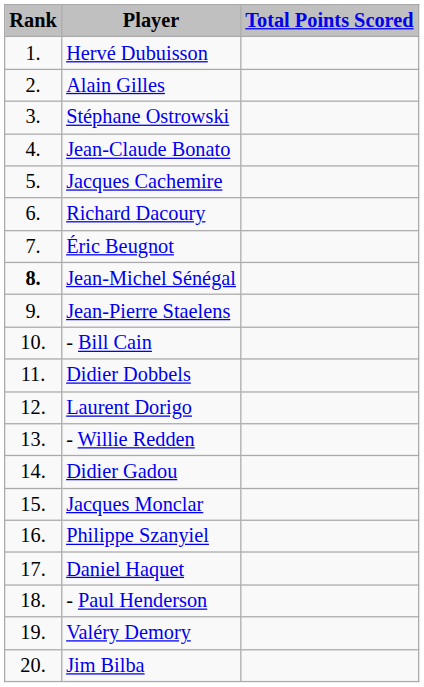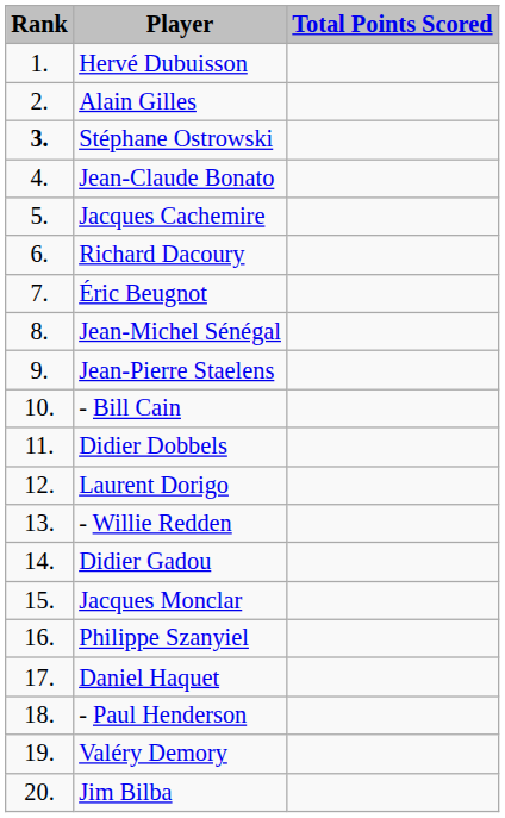 <table class="wikitable" style="text-align: left;">
 <tr>
 </tr>
 <tr>
 <th style="text-align:center;background-color:silver;">Rank</th>
 <th style="text-align:center;background-color:silver;">Player</th>
 <th style="text-align:center;background-color:silver;"><a href='#'>Total Points Scored</a></th>
 </tr>
 <tr>
 <td align = "center">1.</td>
 <td> <a href='#'>Hervé Dubuisson</a></td>
 <td></td>
 </tr>
 <tr>
 <td align = "center">2.</td>
 <td> <a href='#'>Alain Gilles</a></td>
 <td></td>
 </tr>
 <tr>
-<td align = "center">3.</td>
+<td align = "center"><strong>3.</strong></td>
 <td> <a href='#'>Stéphane Ostrowski</a></td>
 <td></td>
 </tr>
 <tr>
 <td align = "center">4.</td>
 <td> <a href='#'>Jean-Claude Bonato</a></td>
 <td></td>
 </tr>
 <tr>
 <td align = "center">5.</td>
 <td> <a href='#'>Jacques Cachemire</a></td>
 <td></td>
 </tr>
 <tr>
 <td align = "center">6.</td>
 <td> <a href='#'>Richard Dacoury</a></td>
 <td></td>
 </tr>
 <tr>
 <td align = "center">7.</td>
 <td> <a href='#'>Éric Beugnot</a></td>
 <td></td>
 </tr>
 <tr>
-<td align = "center"><strong>8.</strong></td>
+<td align = "center">8.</td>
 <td> <a href='#'>Jean-Michel Sénégal</a></td>
 <td></td>
 </tr>
 <tr>
 <td align = "center">9.</td>
 <td> <a href='#'>Jean-Pierre Staelens</a></td>
 <td></td>
 </tr>
 <tr>
 <td align = "center">10.</td>
 <td>- <a href='#'>Bill Cain</a></td>
 <td></td>
 </tr>
 <tr>
 <td align = "center">11.</td>
 <td> <a href='#'>Didier Dobbels</a></td>
 <td></td>
 </tr>
 <tr>
 <td align = "center">12.</td>
 <td> <a href='#'>Laurent Dorigo</a></td>
 <td></td>
 </tr>
 <tr>
 <td align = "center">13.</td>
 <td>- <a href='#'>Willie Redden</a></td>
 <td></td>
 </tr>
 <tr>
 <td align = "center">14.</td>
 <td> <a href='#'>Didier Gadou</a></td>
 <td></td>
 </tr>
 <tr>
 <td align = "center">15.</td>
 <td> <a href='#'>Jacques Monclar</a></td>
 <td></td>
 </tr>
 <tr>
 <td align = "center">16.</td>
 <td> <a href='#'>Philippe Szanyiel</a></td>
 <td></td>
 </tr>
 <tr>
 <td align = "center">17.</td>
 <td> <a href='#'>Daniel Haquet</a></td>
 <td></td>
 </tr>
 <tr>
 <td align = "center">18.</td>
 <td>- <a href='#'>Paul Henderson</a></td>
 <td></td>
 </tr>
 <tr>
 <td align = "center">19.</td>
 <td> <a href='#'>Valéry Demory</a></td>
 <td></td>
 </tr>
 <tr>
 <td align = "center">20.</td>
 <td> <a href='#'>Jim Bilba</a></td>
 <td></td>
 </tr>
 </table>
